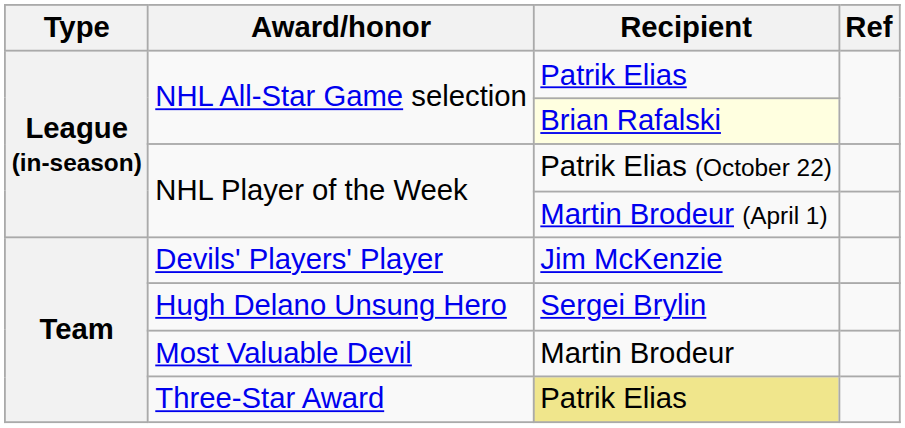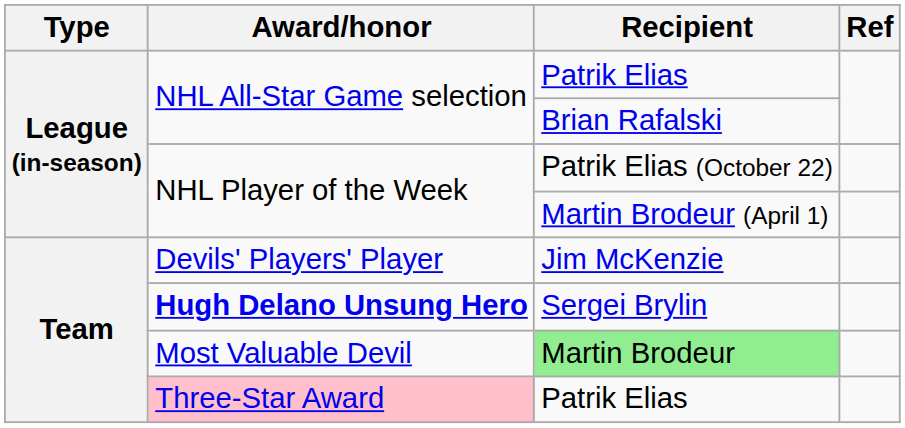 <table class="wikitable">
 <tr>
 <th scope="col">Type</th>
 <th scope="col">Award/honor</th>
 <th scope="col">Recipient</th>
 <th scope="col">Ref</th>
 </tr>
 <tr>
 <th scope="row" rowspan="4">League<br><small>(in-season)</small></th>
 <td rowspan="2"><a href='#'>NHL All-Star Game</a> selection</td>
 <td><a href='#'>Patrik Elias</a></td>
 <td rowspan="2"></td>
 </tr>
 <tr>
-<td style="background: lightyellow;"><a href='#'>Brian Rafalski</a></td>
+<td><a href='#'>Brian Rafalski</a></td>
 </tr>
 <tr>
 <td rowspan="2">NHL Player of the Week</td>
 <td>Patrik Elias <small>(October 22)</small></td>
 <td></td>
 </tr>
 <tr>
 <td><a href='#'>Martin Brodeur</a> <small>(April 1)</small></td>
 <td></td>
 </tr>
 <tr>
 <th scope="row" rowspan="4">Team</th>
 <td><a href='#'>Devils' Players' Player</a></td>
 <td><a href='#'>Jim McKenzie</a></td>
 <td></td>
 </tr>
 <tr>
-<td><a href='#'>Hugh Delano Unsung Hero</a></td>
+<td><strong><a href='#'>Hugh Delano Unsung Hero</a></strong></td>
 <td><a href='#'>Sergei Brylin</a></td>
 <td></td>
 </tr>
 <tr>
 <td><a href='#'>Most Valuable Devil</a></td>
-<td>Martin Brodeur</td>
+<td style="background: lightgreen;">Martin Brodeur</td>
 <td></td>
 </tr>
 <tr>
-<td><a href='#'>Three-Star Award</a></td>
-<td style="background: khaki;">Patrik Elias</td>
+<td style="background: pink;"><a href='#'>Three-Star Award</a></td>
+<td>Patrik Elias</td>
 <td></td>
 </tr>
 </table>
